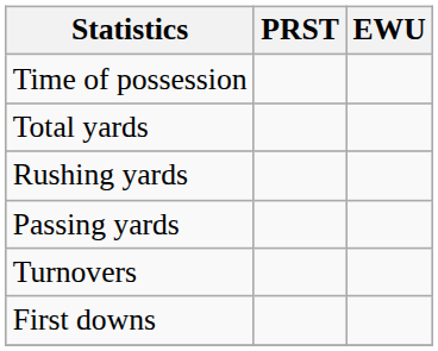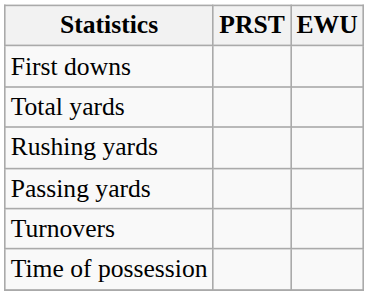 <table class="wikitable" style="float: left;">
 <tr>
 <th>Statistics</th>
 <th>PRST</th>
 <th>EWU</th>
 </tr>
 <tr>
-<td>Time of possession</td>
+<td>First downs</td>
 <td></td>
 <td></td>
 </tr>
 <tr>
 <td>Total yards</td>
 <td></td>
 <td></td>
 </tr>
 <tr>
 <td>Rushing yards</td>
 <td></td>
 <td></td>
 </tr>
 <tr>
 <td>Passing yards</td>
 <td></td>
 <td></td>
 </tr>
 <tr>
 <td>Turnovers</td>
 <td></td>
 <td></td>
 </tr>
 <tr>
-<td>First downs</td>
+<td>Time of possession</td>
 <td></td>
 <td></td>
 </tr>
 <tr>
 </tr>
 </table>
